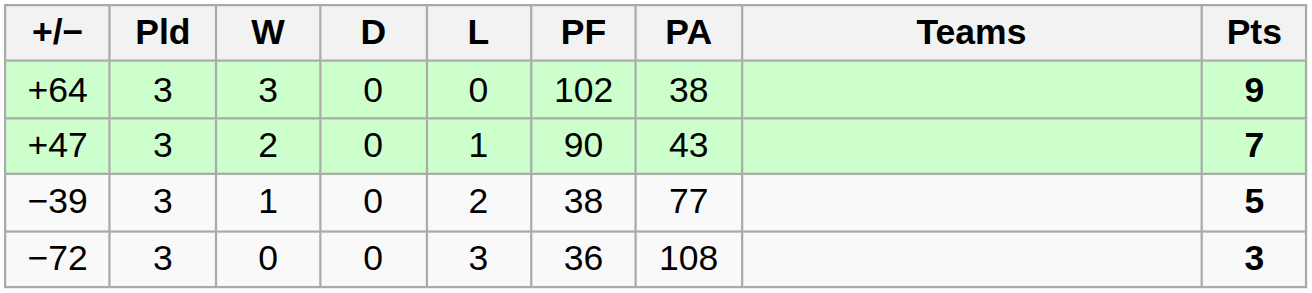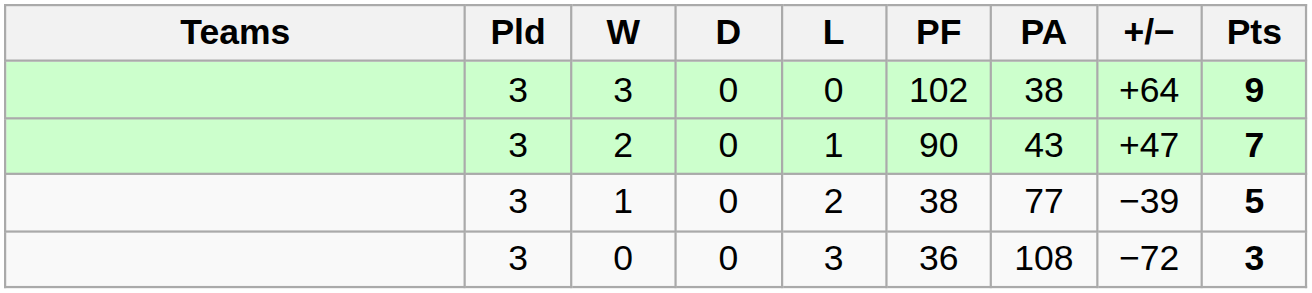 <table class="wikitable" style="text-align: center;">
 <tr>
-<th width="40">+/−</th>
+<th width="200">Teams</th>
 <th width="40">Pld</th>
 <th width="40">W</th>
 <th width="40">D</th>
 <th width="40">L</th>
 <th width="40">PF</th>
 <th width="40">PA</th>
-<th width="200">Teams</th>
+<th width="40">+/−</th>
 <th width="40">Pts</th>
 </tr>
 <tr bgcolor=ccffcc>
-<td>+64</td>
+<td align=left></td>
 <td>3</td>
 <td>3</td>
 <td>0</td>
 <td>0</td>
 <td>102</td>
 <td>38</td>
-<td align=left></td>
+<td>+64</td>
 <td><strong>9</strong></td>
 </tr>
 <tr bgcolor=ccffcc>
-<td>+47</td>
+<td align=left></td>
 <td>3</td>
 <td>2</td>
 <td>0</td>
 <td>1</td>
 <td>90</td>
 <td>43</td>
-<td align=left></td>
+<td>+47</td>
 <td><strong>7</strong></td>
 </tr>
 <tr>
-<td>−39</td>
+<td align=left></td>
 <td>3</td>
 <td>1</td>
 <td>0</td>
 <td>2</td>
 <td>38</td>
 <td>77</td>
-<td align=left></td>
+<td>−39</td>
 <td><strong>5</strong></td>
 </tr>
 <tr>
-<td>−72</td>
+<td align=left></td>
 <td>3</td>
 <td>0</td>
 <td>0</td>
 <td>3</td>
 <td>36</td>
 <td>108</td>
-<td align=left></td>
+<td>−72</td>
 <td><strong>3</strong></td>
 </tr>
 </table>
